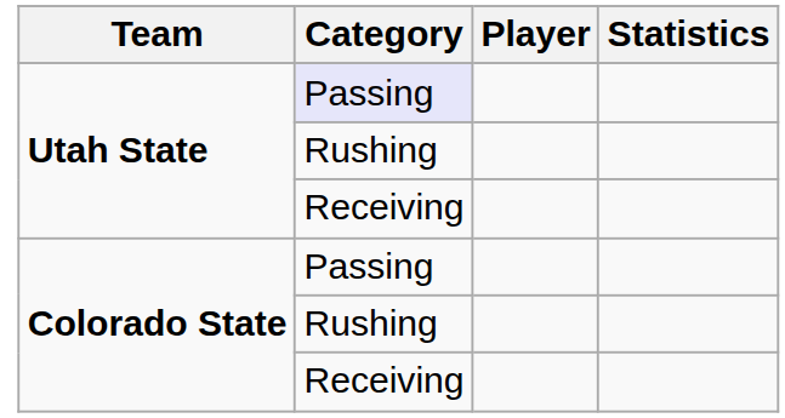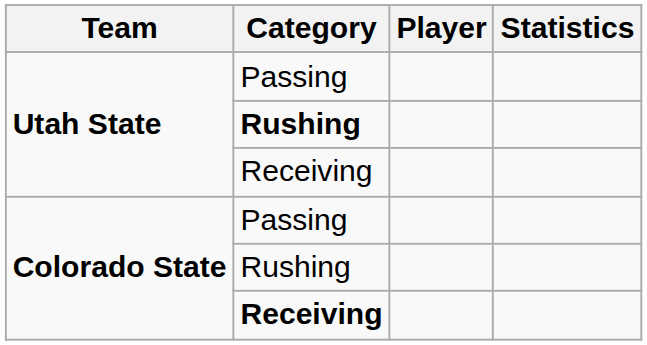 <table class="wikitable" style="float: right;">
 <tr>
 <th>Team</th>
 <th>Category</th>
 <th>Player</th>
 <th>Statistics</th>
 </tr>
 <tr>
 <td rowspan=3><strong>Utah State</strong></td>
-<td style="background: lavender;">Passing</td>
+<td>Passing</td>
 <td></td>
 <td></td>
 </tr>
 <tr>
-<td>Rushing</td>
+<td><strong>Rushing</strong></td>
 <td></td>
 <td></td>
 </tr>
 <tr>
 <td>Receiving</td>
 <td></td>
 <td></td>
 </tr>
 <tr>
 <td rowspan=3><strong>Colorado State</strong></td>
 <td>Passing</td>
 <td></td>
 <td></td>
 </tr>
 <tr>
 <td>Rushing</td>
 <td></td>
 <td></td>
 </tr>
 <tr>
-<td>Receiving</td>
+<td><strong>Receiving</strong></td>
 <td></td>
 <td></td>
 </tr>
 </table>
